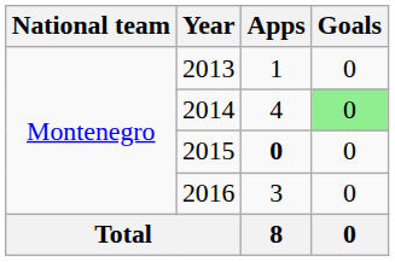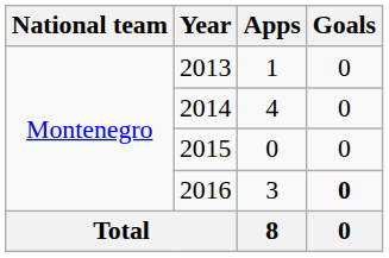 <table class="wikitable" style="text-align:center">
 <tr>
 <th>National team</th>
 <th>Year</th>
 <th>Apps</th>
 <th>Goals</th>
 </tr>
 <tr>
 <td rowspan="4"><a href='#'>Montenegro</a></td>
 <td>2013</td>
 <td>1</td>
 <td>0</td>
 </tr>
 <tr>
 <td>2014</td>
 <td>4</td>
-<td style="background: lightgreen;">0</td>
+<td>0</td>
 </tr>
 <tr>
 <td>2015</td>
-<td><strong>0</strong></td>
+<td>0</td>
 <td>0</td>
 </tr>
 <tr>
 <td>2016</td>
 <td>3</td>
-<td>0</td>
+<td><strong>0</strong></td>
 </tr>
 <tr>
 <th colspan="2">Total</th>
 <th>8</th>
 <th>0</th>
 </tr>
 </table>
